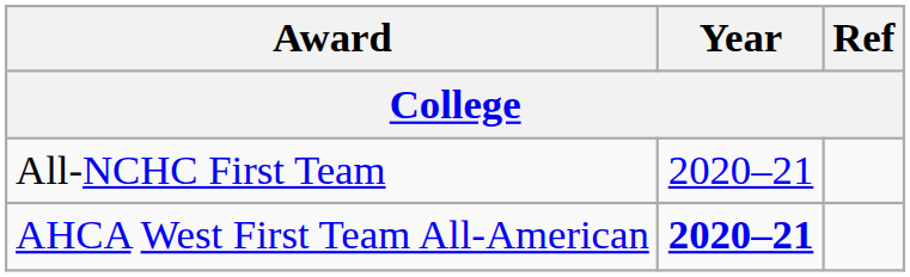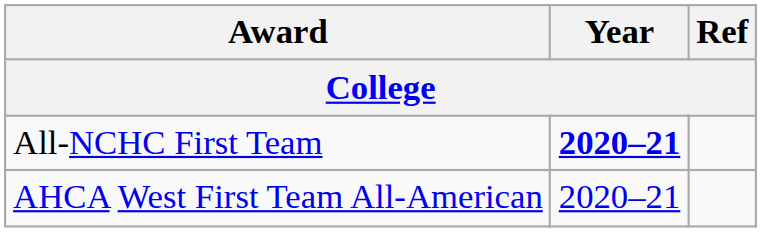 <table class="wikitable">
 <tr>
 <th>Award</th>
 <th>Year</th>
 <th>Ref</th>
 </tr>
 <tr>
 <th colspan="3"><a href='#'>College</a></th>
 </tr>
 <tr>
 <td>All-<a href='#'>NCHC First Team</a></td>
-<td><a href='#'>2020–21</a></td>
+<td><strong><a href='#'>2020–21</a></strong></td>
 <td></td>
 </tr>
 <tr>
 <td><a href='#'>AHCA</a> <a href='#'>West First Team All-American</a></td>
-<td><strong><a href='#'>2020–21</a></strong></td>
+<td><a href='#'>2020–21</a></td>
 <td></td>
 </tr>
 </table>
